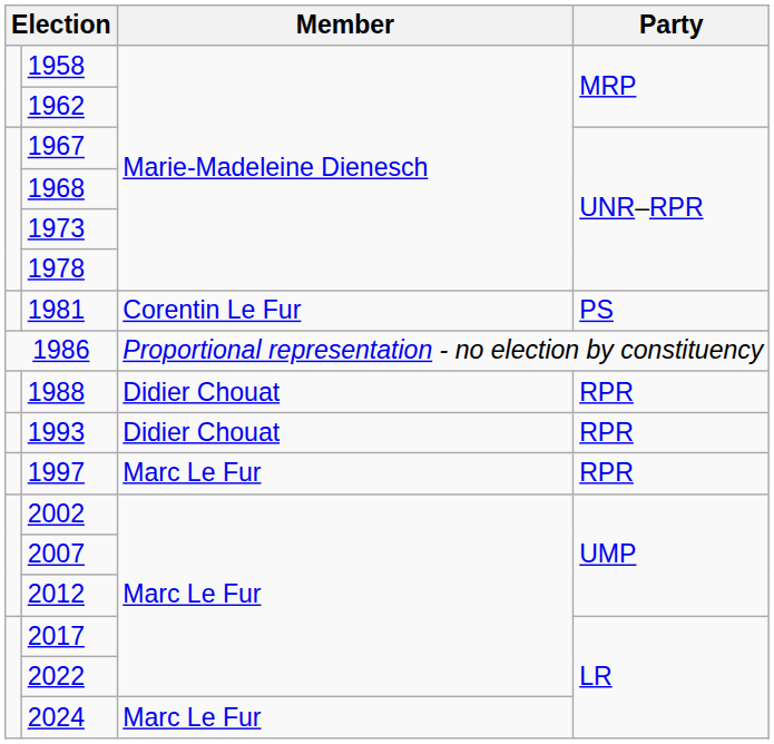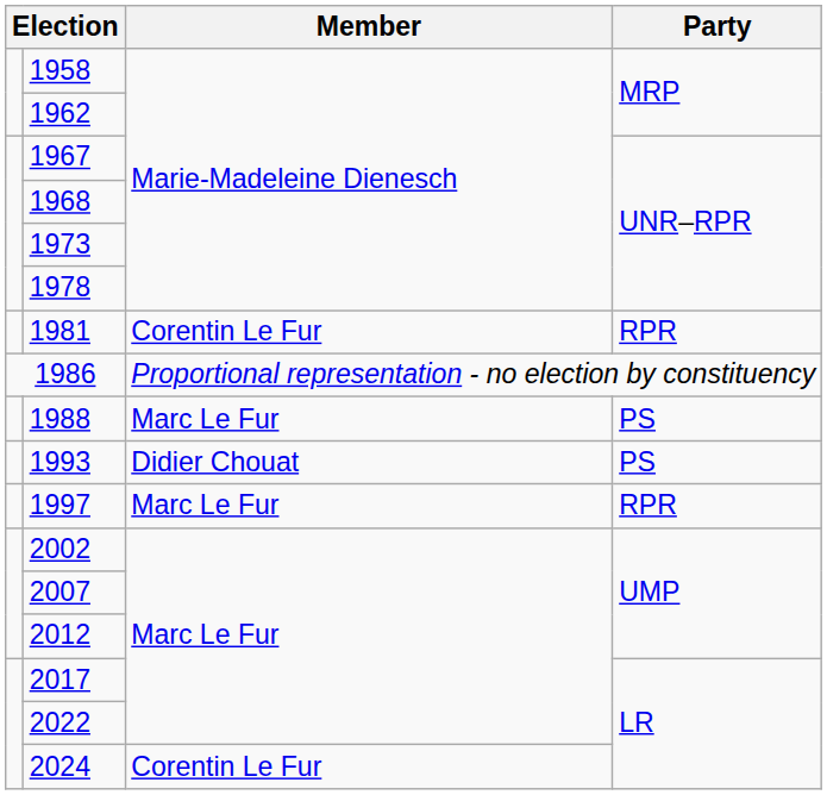 <table class="wikitable">
 <tr>
 <th colspan="2">Election</th>
 <th>Member</th>
 <th>Party</th>
 </tr>
 <tr>
 <td rowspan="2" style="color:inherit;background-color: "></td>
 <td><a href='#'>1958</a></td>
 <td rowspan="6"><a href='#'>Marie-Madeleine Dienesch</a></td>
 <td rowspan="2"><a href='#'>MRP</a></td>
 </tr>
 <tr>
 <td><a href='#'>1962</a></td>
 </tr>
 <tr>
 <td rowspan="4" style="color:inherit;background-color: "></td>
 <td><a href='#'>1967</a></td>
 <td rowspan="4"><a href='#'>UNR</a>–<a href='#'>RPR</a></td>
 </tr>
 <tr>
 <td><a href='#'>1968</a></td>
 </tr>
 <tr>
 <td><a href='#'>1973</a></td>
 </tr>
 <tr>
 <td><a href='#'>1978</a></td>
 </tr>
 <tr>
 <td style="color:inherit;background-color: "></td>
 <td><a href='#'>1981</a></td>
 <td><a href='#'>Corentin Le Fur</a></td>
-<td><a href='#'>PS</a></td>
+<td><a href='#'>RPR</a></td>
 </tr>
 <tr>
 <td colspan="2" align="center"><a href='#'>1986</a></td>
 <td colspan="2"><em><a href='#'>Proportional representation</a> - no election by constituency</em></td>
 </tr>
 <tr>
 <td style="color:inherit;background-color: "></td>
 <td><a href='#'>1988</a></td>
-<td><a href='#'>Didier Chouat</a></td>
-<td><a href='#'>RPR</a></td>
+<td><a href='#'>Marc Le Fur</a></td>
+<td><a href='#'>PS</a></td>
 </tr>
 <tr>
 <td style="color:inherit;background-color: "></td>
 <td><a href='#'>1993</a></td>
 <td><a href='#'>Didier Chouat</a></td>
-<td><a href='#'>RPR</a></td>
+<td><a href='#'>PS</a></td>
 </tr>
 <tr>
 <td style="color:inherit;background-color: "></td>
 <td><a href='#'>1997</a></td>
 <td><a href='#'>Marc Le Fur</a></td>
 <td><a href='#'>RPR</a></td>
 </tr>
 <tr>
 <td rowspan="3" style="color:inherit;background-color: "></td>
 <td><a href='#'>2002</a></td>
 <td rowspan="5"><a href='#'>Marc Le Fur</a></td>
 <td rowspan="3"><a href='#'>UMP</a></td>
 </tr>
 <tr>
 <td><a href='#'>2007</a></td>
 </tr>
 <tr>
 <td><a href='#'>2012</a></td>
 </tr>
 <tr>
 <td rowspan="3" style="color:inherit;background-color: "></td>
 <td><a href='#'>2017</a></td>
 <td rowspan="3"><a href='#'>LR</a></td>
 </tr>
 <tr>
 <td><a href='#'>2022</a></td>
 </tr>
 <tr>
 <td><a href='#'>2024</a></td>
-<td><a href='#'>Marc Le Fur</a></td>
+<td><a href='#'>Corentin Le Fur</a></td>
 </tr>
 </table>
